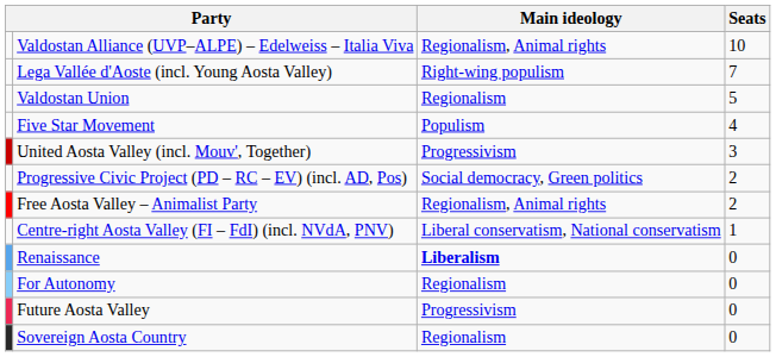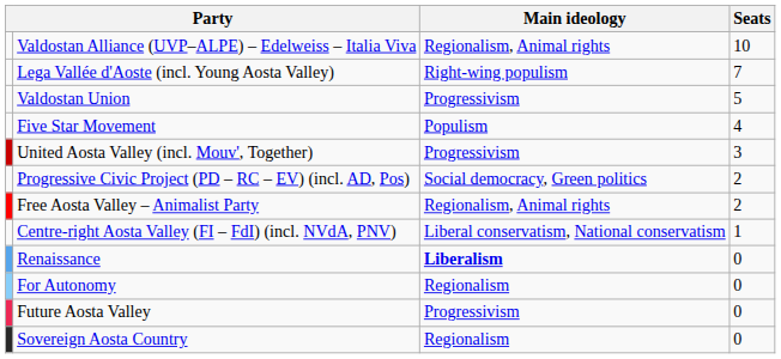 <table class="wikitable" style="text-align:left">
 <tr>
 <th colspan="2">Party</th>
 <th>Main ideology</th>
 <th>Seats</th>
 </tr>
 <tr>
 <td></td>
 <td><a href='#'>Valdostan Alliance</a> (<a href='#'>UVP</a>–<a href='#'>ALPE</a>) – <a href='#'>Edelweiss</a> – <a href='#'>Italia Viva</a></td>
 <td><a href='#'>Regionalism</a>, <a href='#'>Animal rights</a></td>
 <td>10</td>
 </tr>
 <tr>
 <td></td>
 <td><a href='#'>Lega Vallée d'Aoste</a> (incl. Young Aosta Valley)</td>
 <td><a href='#'>Right-wing populism</a></td>
 <td>7</td>
 </tr>
 <tr>
 <td style="background-color:"></td>
 <td><a href='#'>Valdostan Union</a></td>
-<td><a href='#'>Regionalism</a></td>
+<td><a href='#'>Progressivism</a></td>
 <td>5</td>
 </tr>
 <tr>
 <td style="background-color:"></td>
 <td><a href='#'>Five Star Movement</a></td>
 <td><a href='#'>Populism</a></td>
 <td>4</td>
 </tr>
 <tr>
 <td style="color:inherit;background:#C80000"></td>
 <td>United Aosta Valley (incl. <a href='#'>Mouv'</a>, Together)</td>
 <td><a href='#'>Progressivism</a></td>
 <td>3</td>
 </tr>
 <tr>
 <td></td>
 <td><a href='#'>Progressive Civic Project</a> (<a href='#'>PD</a> – <a href='#'>RC</a> – <a href='#'>EV</a>) (incl. <a href='#'>AD</a>, <a href='#'>Pos</a>)</td>
 <td><a href='#'>Social democracy</a>, <a href='#'>Green politics</a></td>
 <td>2</td>
 </tr>
 <tr>
 <td style="color:inherit;background:#Ff0000"></td>
 <td>Free Aosta Valley – <a href='#'>Animalist Party</a></td>
 <td><a href='#'>Regionalism</a>, <a href='#'>Animal rights</a></td>
 <td>2</td>
 </tr>
 <tr>
 <td></td>
 <td><a href='#'>Centre-right Aosta Valley</a> (<a href='#'>FI</a> – <a href='#'>FdI</a>) (incl. <a href='#'>NVdA</a>, <a href='#'>PNV</a>)</td>
 <td><a href='#'>Liberal conservatism</a>, <a href='#'>National conservatism</a></td>
 <td>1</td>
 </tr>
 <tr>
 <td style="color:inherit;background:#56A5EC"></td>
 <td><a href='#'>Renaissance</a></td>
 <td><strong><a href='#'>Liberalism</a></strong></td>
 <td>0</td>
 </tr>
 <tr>
 <td style="color:inherit;background:#87cefa"></td>
 <td style="text-align:left;"><a href='#'>For Autonomy</a></td>
 <td><a href='#'>Regionalism</a></td>
 <td>0</td>
 </tr>
 <tr>
 <td style="color:inherit;background:#ED2855"></td>
 <td>Future Aosta Valley</td>
 <td><a href='#'>Progressivism</a></td>
 <td>0</td>
 </tr>
 <tr>
 <td style="color:inherit;background:#282828"></td>
 <td><a href='#'>Sovereign Aosta Country</a></td>
 <td><a href='#'>Regionalism</a></td>
 <td>0</td>
 </tr>
 </table>
